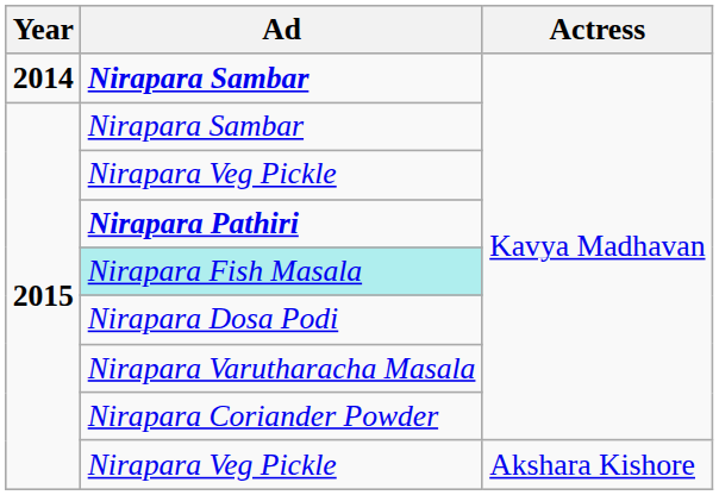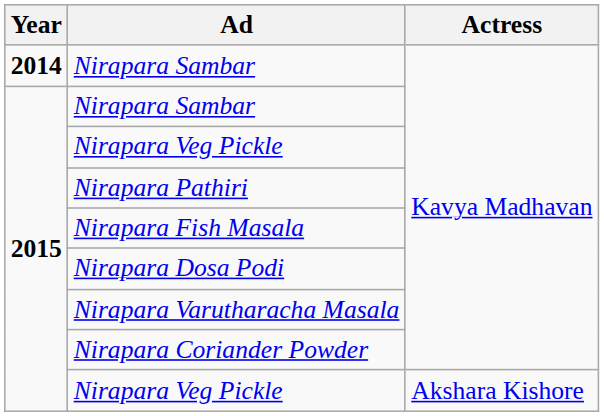 <table class="wikitable sortable">
 <tr>
 <th>Year</th>
 <th>Ad</th>
 <th>Actress</th>
 </tr>
 <tr>
 <td><strong>2014</strong></td>
-<td><strong><em><a href='#'>Nirapara Sambar</a></em></strong></td>
+<td><em><a href='#'>Nirapara Sambar</a></em></td>
 <td rowspan="8"><a href='#'>Kavya Madhavan</a></td>
 </tr>
 <tr>
 <td rowspan="8"><strong>2015</strong></td>
 <td><em><a href='#'>Nirapara Sambar</a></em></td>
 </tr>
 <tr>
 <td><em><a href='#'>Nirapara Veg Pickle</a></em></td>
 </tr>
 <tr>
-<td><strong><em><a href='#'>Nirapara Pathiri</a></em></strong></td>
+<td><em><a href='#'>Nirapara Pathiri</a></em></td>
 </tr>
 <tr>
-<td style="background: paleturquoise;"><em><a href='#'>Nirapara Fish Masala</a></em></td>
+<td><em><a href='#'>Nirapara Fish Masala</a></em></td>
 </tr>
 <tr>
 <td><em><a href='#'>Nirapara Dosa Podi</a></em></td>
 </tr>
 <tr>
 <td><em><a href='#'>Nirapara Varutharacha Masala</a></em></td>
 </tr>
 <tr>
 <td><em><a href='#'>Nirapara Coriander Powder</a></em></td>
 </tr>
 <tr>
 <td><em><a href='#'>Nirapara Veg Pickle</a></em></td>
 <td><a href='#'>Akshara Kishore</a></td>
 </tr>
 </table>
